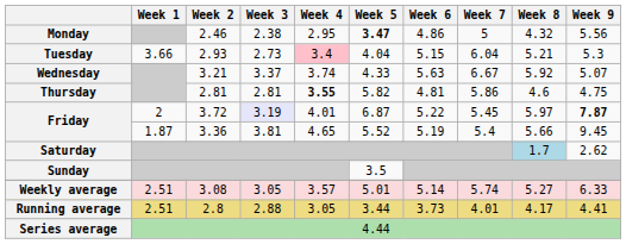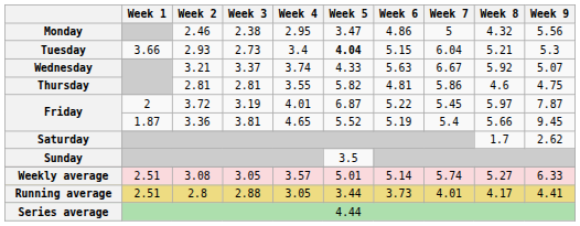 <table class="wikitable" style="font-size:90%; text-align:center; width: 100%; margin-left: auto; margin-right: auto;">
 <tr>
 <th scope="col"></th>
 <th scope="col">Week 1</th>
 <th scope="col">Week 2</th>
 <th scope="col">Week 3</th>
 <th scope="col">Week 4</th>
 <th scope="col">Week 5</th>
 <th scope="col">Week 6</th>
 <th scope="col">Week 7</th>
 <th scope="col">Week 8</th>
 <th scope="col">Week 9</th>
 </tr>
 <tr>
 <th scope="row">Monday</th>
 <td bgcolor=#ccc></td>
 <td>2.46</td>
 <td>2.38</td>
 <td>2.95</td>
-<td><strong>3.47</strong></td>
+<td>3.47</td>
 <td>4.86</td>
 <td>5</td>
 <td>4.32</td>
 <td>5.56</td>
 </tr>
 <tr>
 <th scope="row">Tuesday</th>
 <td>3.66</td>
 <td>2.93</td>
 <td>2.73</td>
-<td style="background: pink;">3.4</td>
-<td>4.04</td>
+<td>3.4</td>
+<td><strong>4.04</strong></td>
 <td>5.15</td>
 <td>6.04</td>
 <td>5.21</td>
 <td>5.3</td>
 </tr>
 <tr>
 <th scope="row">Wednesday</th>
 <td rowspan=2 bgcolor=#ccc></td>
 <td>3.21</td>
 <td>3.37</td>
 <td>3.74</td>
 <td>4.33</td>
 <td>5.63</td>
 <td>6.67</td>
 <td>5.92</td>
 <td>5.07</td>
 </tr>
 <tr>
 <th scope="row">Thursday</th>
 <td>2.81</td>
 <td>2.81</td>
-<td><strong>3.55</strong></td>
+<td>3.55</td>
 <td>5.82</td>
 <td>4.81</td>
 <td>5.86</td>
 <td>4.6</td>
 <td>4.75</td>
 </tr>
 <tr>
 <th scope="rowgroup" rowspan=2>Friday</th>
 <td>2</td>
 <td>3.72</td>
-<td style="background: lavender;">3.19</td>
+<td>3.19</td>
 <td>4.01</td>
 <td>6.87</td>
 <td>5.22</td>
 <td>5.45</td>
 <td>5.97</td>
-<td><strong>7.87</strong></td>
+<td>7.87</td>
 </tr>
 <tr>
 <td>1.87</td>
 <td>3.36</td>
 <td>3.81</td>
 <td>4.65</td>
 <td>5.52</td>
 <td>5.19</td>
 <td>5.4</td>
 <td>5.66</td>
 <td>9.45</td>
 </tr>
 <tr>
 <th scope="row">Saturday</th>
 <td colspan=7 bgcolor=#ccc></td>
-<td style="background: lightblue;">1.7</td>
+<td>1.7</td>
 <td>2.62</td>
 </tr>
 <tr>
 <th scope="row">Sunday</th>
 <td colspan=4 bgcolor=#ccc></td>
 <td>3.5</td>
 <td colspan=4 bgcolor=#ccc></td>
 </tr>
 <tr>
 </tr>
 <tr style="background:#FADADD;" |>
 <th scope="row">Weekly average</th>
 <td>2.51</td>
 <td>3.08</td>
 <td>3.05</td>
 <td>3.57</td>
 <td>5.01</td>
 <td>5.14</td>
 <td>5.74</td>
 <td>5.27</td>
 <td>6.33</td>
 </tr>
 <tr style="background:#EEDC82;" |>
 <th scope="row">Running average</th>
 <td>2.51</td>
 <td>2.8</td>
 <td>2.88</td>
 <td>3.05</td>
 <td>3.44</td>
 <td>3.73</td>
 <td>4.01</td>
 <td>4.17</td>
 <td>4.41</td>
 </tr>
 <tr style="background:#ADDFAD;" |>
 <th scope="row">Series average</th>
 <td colspan="9">4.44</td>
 </tr>
 </table>
